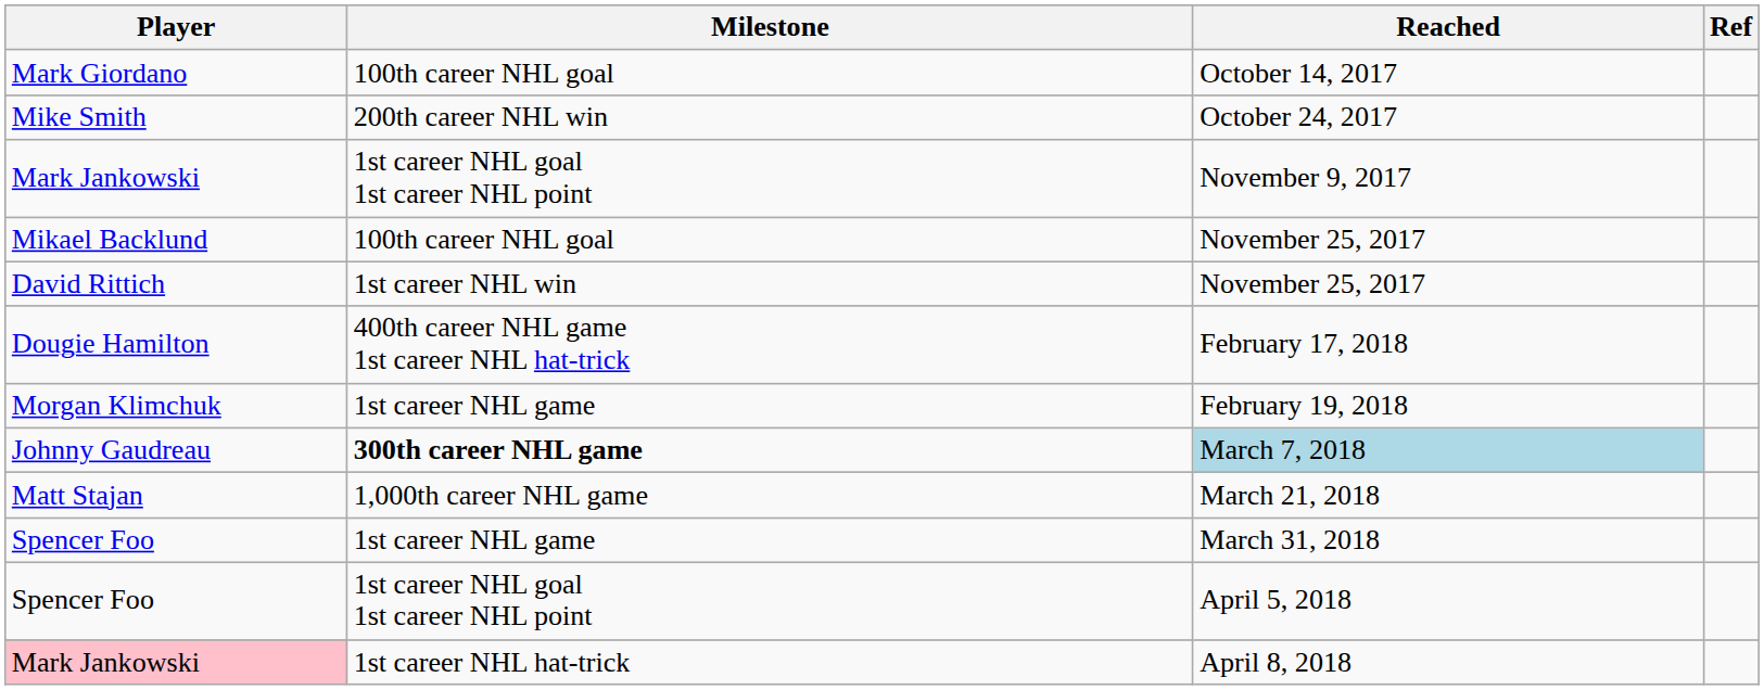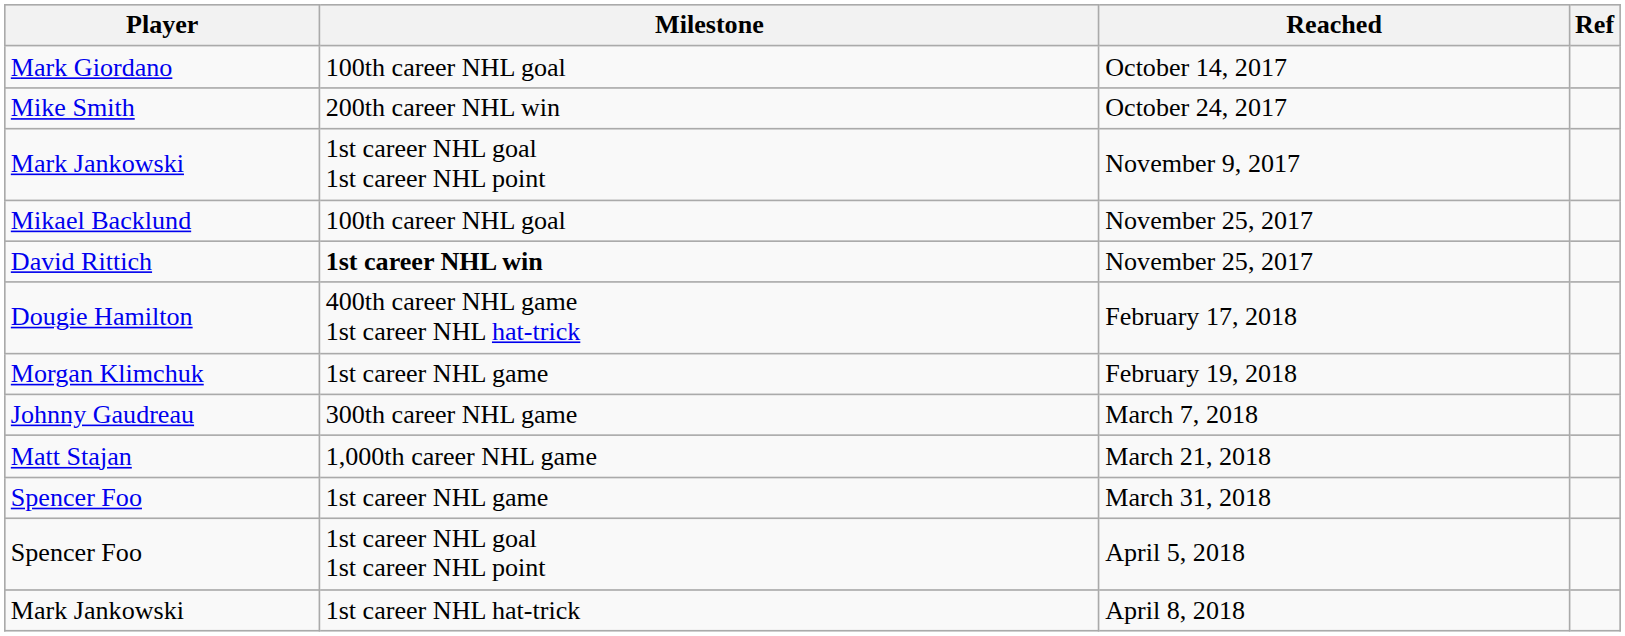 <table class="wikitable sortable" style="width:50%;">
 <tr align=left>
 <th style="width:20%;">Player</th>
 <th style="width:50%;">Milestone</th>
 <th style="width:30%;" data-sort-type="date">Reached</th>
 <th style="width:10%;" data-sort-type="date">Ref</th>
 </tr>
 <tr>
 <td><a href='#'>Mark Giordano</a></td>
 <td>100th career NHL goal</td>
 <td>October 14, 2017</td>
 <td></td>
 </tr>
 <tr>
 <td><a href='#'>Mike Smith</a></td>
 <td>200th career NHL win</td>
 <td>October 24, 2017</td>
 <td></td>
 </tr>
 <tr>
 <td><a href='#'>Mark Jankowski</a></td>
 <td>1st career NHL goal<br>1st career NHL point</td>
 <td>November 9, 2017</td>
 <td></td>
 </tr>
 <tr>
 <td><a href='#'>Mikael Backlund</a></td>
 <td>100th career NHL goal</td>
 <td>November 25, 2017</td>
 <td></td>
 </tr>
 <tr>
 <td><a href='#'>David Rittich</a></td>
-<td>1st career NHL win</td>
+<td><strong>1st career NHL win</strong></td>
 <td>November 25, 2017</td>
 <td></td>
 </tr>
 <tr>
 <td><a href='#'>Dougie Hamilton</a></td>
 <td>400th career NHL game<br> 1st career NHL <a href='#'>hat-trick</a></td>
 <td>February 17, 2018</td>
 <td></td>
 </tr>
 <tr>
 <td><a href='#'>Morgan Klimchuk</a></td>
 <td>1st career NHL game</td>
 <td>February 19, 2018</td>
 <td></td>
 </tr>
 <tr>
 <td><a href='#'>Johnny Gaudreau</a></td>
-<td><strong>300th career NHL game</strong></td>
-<td style="background: lightblue;">March 7, 2018</td>
+<td>300th career NHL game</td>
+<td>March 7, 2018</td>
 <td></td>
 </tr>
 <tr>
 <td><a href='#'>Matt Stajan</a></td>
 <td>1,000th career NHL game</td>
 <td>March 21, 2018</td>
 <td></td>
 </tr>
 <tr>
 <td><a href='#'>Spencer Foo</a></td>
 <td>1st career NHL game</td>
 <td>March 31, 2018</td>
 <td></td>
 </tr>
 <tr>
 <td>Spencer Foo</td>
 <td>1st career NHL goal<br>1st career NHL point</td>
 <td>April 5, 2018</td>
 <td></td>
 </tr>
 <tr>
-<td style="background: pink;">Mark Jankowski</td>
+<td>Mark Jankowski</td>
 <td>1st career NHL hat-trick</td>
 <td>April 8, 2018</td>
 <td></td>
 </tr>
 </table>
